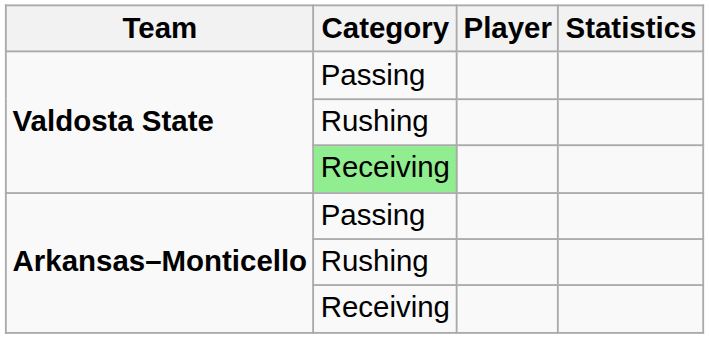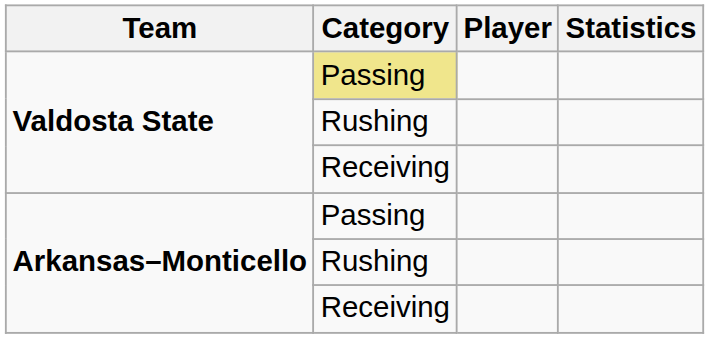 <table class="wikitable" style="float: right;">
 <tr>
 <th>Team</th>
 <th>Category</th>
 <th>Player</th>
 <th>Statistics</th>
 </tr>
 <tr>
 <td rowspan=3><strong>Valdosta State</strong></td>
-<td>Passing</td>
+<td style="background: khaki;">Passing</td>
 <td></td>
 <td></td>
 </tr>
 <tr>
 <td>Rushing</td>
 <td></td>
 <td></td>
 </tr>
 <tr>
-<td style="background: lightgreen;">Receiving</td>
+<td>Receiving</td>
 <td></td>
 <td></td>
 </tr>
 <tr>
 <td rowspan=3><strong>Arkansas–Monticello</strong></td>
 <td>Passing</td>
 <td></td>
 <td></td>
 </tr>
 <tr>
 <td>Rushing</td>
 <td></td>
 <td></td>
 </tr>
 <tr>
 <td>Receiving</td>
 <td></td>
 <td></td>
 </tr>
 </table>
